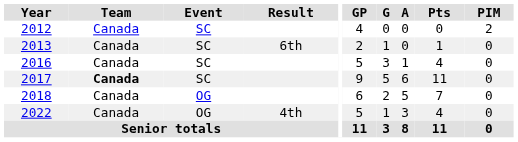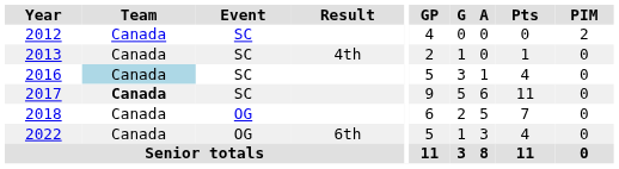 <table border="0" cellpadding="1" cellspacing="0" ID="Table3" style="text-align:center; width:40em">
 <tr ALIGN="centre" bgcolor="#e0e0e0">
 <th>Year</th>
 <th>Team</th>
 <th>Event</th>
 <th>Result</th>
 <th rowspan="99" bgcolor="#ffffff"></th>
 <th>GP</th>
 <th>G</th>
 <th>A</th>
 <th>Pts</th>
 <th>PIM</th>
 </tr>
 <tr>
 <td><a href='#'>2012</a></td>
 <td><a href='#'>Canada</a></td>
 <td><a href='#'>SC</a></td>
 <td></td>
 <td>4</td>
 <td>0</td>
 <td>0</td>
 <td>0</td>
 <td>2</td>
 </tr>
 <tr bgcolor="#f0f0f0">
 <td><a href='#'>2013</a></td>
 <td>Canada</td>
 <td>SC</td>
-<td>6th</td>
+<td>4th</td>
 <td>2</td>
 <td>1</td>
 <td>0</td>
 <td>1</td>
 <td>0</td>
 </tr>
 <tr>
 <td><a href='#'>2016</a></td>
-<td>Canada</td>
+<td style="background: lightblue;">Canada</td>
 <td>SC</td>
 <td></td>
 <td>5</td>
 <td>3</td>
 <td>1</td>
 <td>4</td>
 <td>0</td>
 </tr>
 <tr bgcolor="#f0f0f0">
 <td><a href='#'>2017</a></td>
 <td><strong>Canada</strong></td>
 <td>SC</td>
 <td></td>
 <td>9</td>
 <td>5</td>
 <td>6</td>
 <td>11</td>
 <td>0</td>
 </tr>
 <tr>
 <td><a href='#'>2018</a></td>
 <td>Canada</td>
 <td><a href='#'>OG</a></td>
 <td></td>
 <td>6</td>
 <td>2</td>
 <td>5</td>
 <td>7</td>
 <td>0</td>
 </tr>
 <tr bgcolor="#f0f0f0">
 <td><a href='#'>2022</a></td>
 <td>Canada</td>
 <td>OG</td>
-<td>4th</td>
+<td>6th</td>
 <td>5</td>
 <td>1</td>
 <td>3</td>
 <td>4</td>
 <td>0</td>
 </tr>
 <tr bgcolor="#e0e0e0">
 <th colspan=4>Senior totals</th>
 <th>11</th>
 <th>3</th>
 <th>8</th>
 <th>11</th>
 <th>0</th>
 </tr>
 </table>
